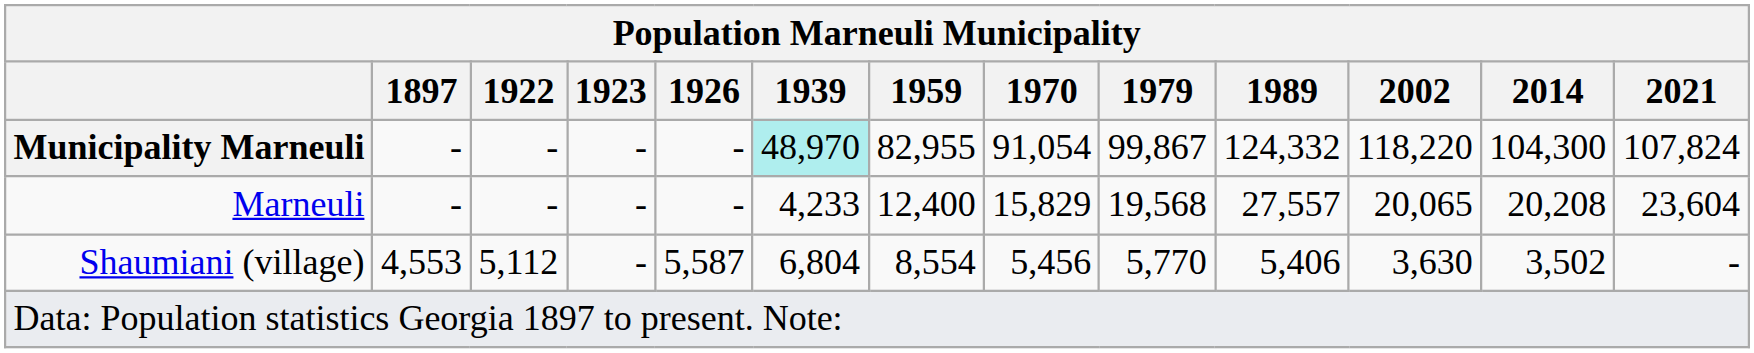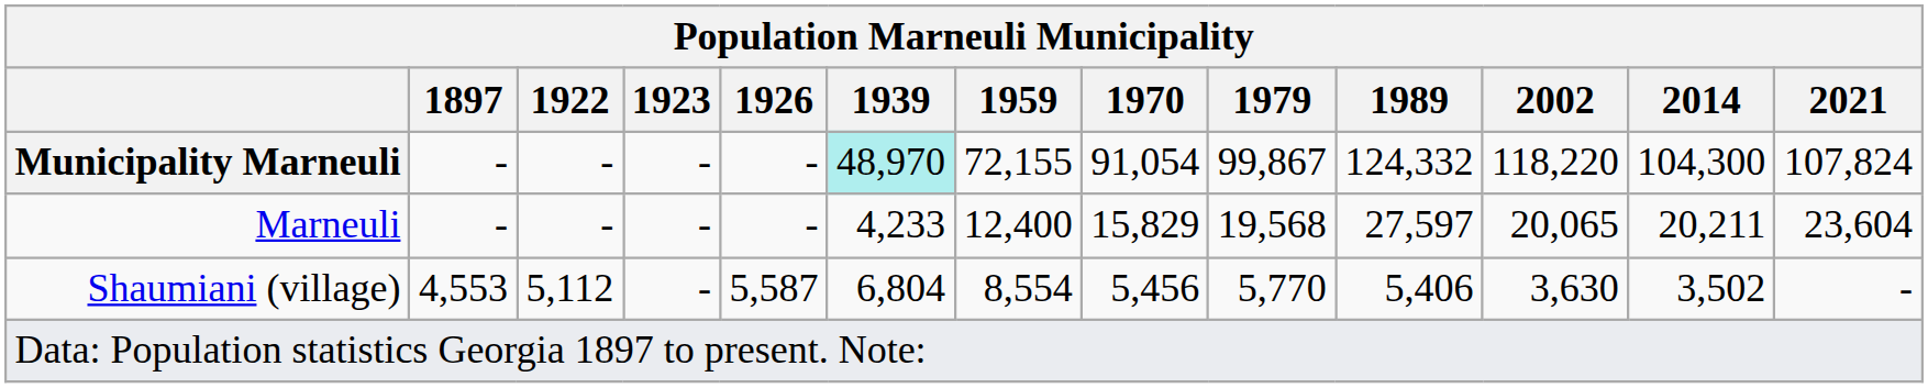 <table class="wikitable" style="text-align:right">
 <tr>
 <th colspan=19>Population Marneuli Municipality</th>
 </tr>
 <tr>
 <th></th>
 <th>1897</th>
 <th>1922</th>
 <th>1923</th>
 <th>1926</th>
 <th>1939</th>
 <th>1959</th>
 <th>1970</th>
 <th>1979</th>
 <th>1989</th>
 <th>2002</th>
 <th>2014</th>
 <th>2021</th>
 </tr>
 <tr>
 <th>Municipality Marneuli</th>
 <td>-</td>
 <td>-</td>
 <td>-</td>
 <td>-</td>
 <td style="background: paleturquoise;">48,970</td>
-<td> 82,955</td>
+<td> 72,155</td>
 <td> 91,054</td>
 <td> 99,867</td>
 <td> 124,332</td>
 <td> 118,220</td>
 <td> 104,300</td>
 <td> 107,824</td>
 </tr>
 <tr>
 <td><a href='#'>Marneuli</a> </td>
 <td>-</td>
 <td>-</td>
 <td>-</td>
 <td>-</td>
 <td>4,233</td>
 <td> 12,400</td>
 <td> 15,829</td>
 <td> 19,568</td>
-<td> 27,557</td>
+<td> 27,597</td>
 <td> 20,065</td>
-<td> 20,208</td>
+<td> 20,211</td>
 <td> 23,604</td>
 </tr>
 <tr>
 <td><a href='#'>Shaumiani</a> (village) </td>
 <td>4,553</td>
 <td> 5,112</td>
 <td>-</td>
 <td> 5,587</td>
 <td> 6,804</td>
 <td> 8,554</td>
 <td> 5,456</td>
 <td> 5,770</td>
 <td> 5,406</td>
 <td> 3,630</td>
 <td> 3,502</td>
 <td>-</td>
 </tr>
 <tr>
 <td colspan=15 class="wikitable" style="align:left;text-align:left;background-color:#eaecf0">Data: Population statistics Georgia 1897 to present. Note:</td>
 </tr>
 </table>
